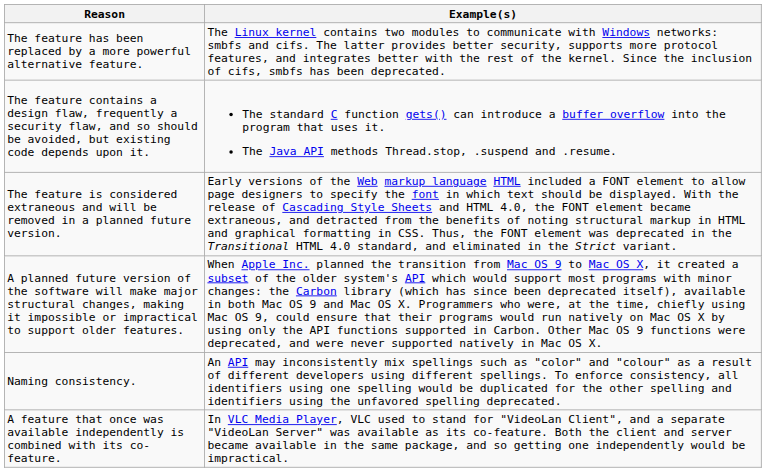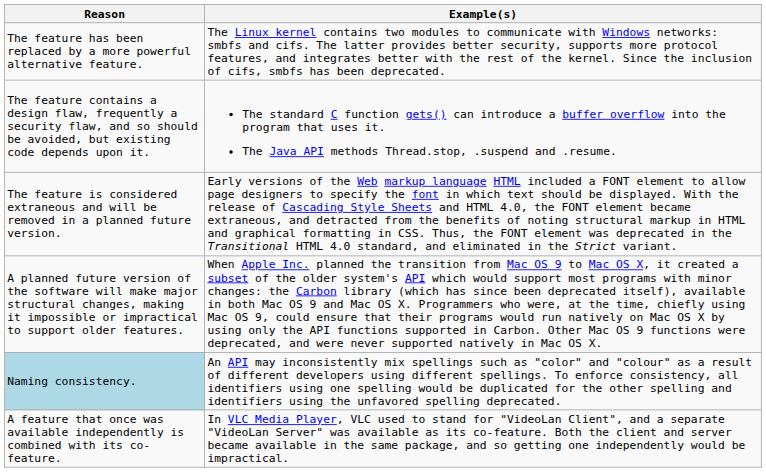 <table class=wikitable>
 <tr>
 <th>Reason</th>
 <th>Example(s)</th>
 </tr>
 <tr>
 <td>The feature has been replaced by a more powerful alternative feature.</td>
 <td>The <a href='#'>Linux kernel</a> contains two modules to communicate with <a href='#'>Windows</a> networks: <code>smbfs</code> and <code>cifs</code>. The latter provides better security, supports more protocol features, and integrates better with the rest of the kernel. Since the inclusion of <code>cifs</code>, <code>smbfs</code> has been deprecated.</td>
 </tr>
 <tr>
 <td>The feature contains a design flaw, frequently a security flaw, and so should be avoided, but existing code depends upon it.</td>
 <td><br><ul><li>The standard <a href='#'>C</a> function <code><a href='#'>gets()</a></code> can introduce a <a href='#'>buffer overflow</a> into the program that uses it.</li></ul><ul><li>The <a href='#'>Java API</a> methods <code>Thread.stop</code>, <code>.suspend</code> and <code>.resume</code>.</li></ul></td>
 </tr>
 <tr>
 <td>The feature is considered extraneous and will be removed in a planned future version.</td>
 <td>Early versions of the <a href='#'>Web</a> <a href='#'>markup language</a> <a href='#'>HTML</a> included a <code>FONT</code> element to allow page designers to specify the <a href='#'>font</a> in which text should be displayed. With the release of <a href='#'>Cascading Style Sheets</a> and HTML 4.0, the <code>FONT</code> element became extraneous, and detracted from the benefits of noting structural markup in HTML and graphical formatting in CSS. Thus, the <code>FONT</code> element was deprecated in the <em>Transitional</em> HTML 4.0 standard, and eliminated in the <em>Strict</em> variant.</td>
 </tr>
 <tr>
 <td>A planned future version of the software will make major structural changes, making it impossible or impractical to support older features.</td>
 <td>When <a href='#'>Apple Inc.</a> planned the transition from <a href='#'>Mac OS 9</a> to <a href='#'>Mac OS X</a>, it created a <a href='#'>subset</a> of the older system's <a href='#'>API</a> which would support most programs with minor changes: the <a href='#'>Carbon</a> library (which has since been deprecated itself), available in both Mac OS 9 and Mac OS X. Programmers who were, at the time, chiefly using Mac OS 9, could ensure that their programs would run natively on Mac OS X by using only the API functions supported in Carbon. Other Mac OS 9 functions were deprecated, and were never supported natively in Mac OS X.</td>
 </tr>
 <tr>
-<td>Naming consistency.</td>
+<td style="background: lightblue;">Naming consistency.</td>
 <td>An <a href='#'>API</a> may inconsistently mix spellings such as "color" and "colour" as a result of different developers using different spellings. To enforce consistency, all identifiers using one spelling would be duplicated for the other spelling and identifiers using the unfavored spelling deprecated.</td>
 </tr>
 <tr>
 <td>A feature that once was available independently is combined with its co-feature.</td>
 <td>In <a href='#'>VLC Media Player</a>, VLC used to stand for "VideoLan Client", and a separate "VideoLan Server" was available as its co-feature. Both the client and server became available in the same package, and so getting one independently would be impractical.</td>
 </tr>
 </table>
